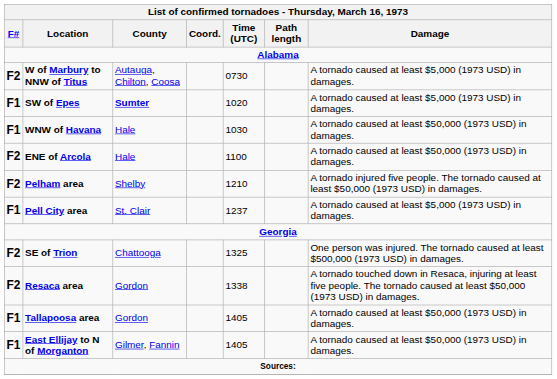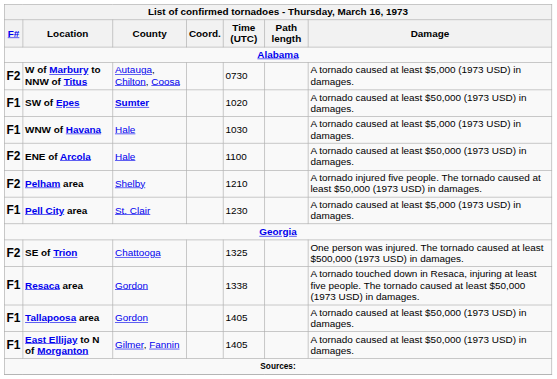 <table class="wikitable collapsible" width="100%">
 <tr>
 <th colspan="7">List of confirmed tornadoes - Thursday, March 16, 1973</th>
 </tr>
 <tr>
 <th><a href='#'>F#</a></th>
 <th>Location</th>
 <th>County</th>
 <th>Coord.</th>
 <th>Time (UTC)</th>
 <th>Path length</th>
 <th>Damage</th>
 </tr>
 <tr>
 <td colspan="7" align=center><strong><a href='#'>Alabama</a></strong></td>
 </tr>
 <tr>
 <td><big><strong>F2</strong></big></td>
 <td><strong>W of <a href='#'>Marbury</a> to NNW of <a href='#'>Titus</a></strong></td>
 <td><a href='#'>Autauga</a>, <a href='#'>Chilton</a>, <a href='#'>Coosa</a></td>
 <td></td>
 <td>0730</td>
 <td></td>
 <td>A tornado caused at least $5,000 (1973 USD) in damages.</td>
 </tr>
 <tr>
 <td><big><strong>F1</strong></big></td>
 <td><strong>SW of <a href='#'>Epes</a></strong></td>
 <td><strong><a href='#'>Sumter</a></strong></td>
 <td></td>
 <td>1020</td>
 <td></td>
-<td>A tornado caused at least $5,000 (1973 USD) in damages.</td>
+<td>A tornado caused at least $50,000 (1973 USD) in damages.</td>
 </tr>
 <tr>
 <td><big><strong>F1</strong></big></td>
 <td><strong>WNW of <a href='#'>Havana</a></strong></td>
 <td><a href='#'>Hale</a></td>
 <td></td>
 <td>1030</td>
 <td></td>
-<td>A tornado caused at least $50,000 (1973 USD) in damages.</td>
+<td>A tornado caused at least $5,000 (1973 USD) in damages.</td>
 </tr>
 <tr>
 <td><big><strong>F2</strong></big></td>
 <td><strong>ENE of <a href='#'>Arcola</a></strong></td>
 <td><a href='#'>Hale</a></td>
 <td></td>
 <td>1100</td>
 <td></td>
 <td>A tornado caused at least $50,000 (1973 USD) in damages.</td>
 </tr>
 <tr>
 <td><big><strong>F2</strong></big></td>
 <td><strong><a href='#'>Pelham</a> area</strong></td>
 <td><a href='#'>Shelby</a></td>
 <td></td>
 <td>1210</td>
 <td></td>
 <td>A tornado injured five people. The tornado caused at least $50,000 (1973 USD) in damages.</td>
 </tr>
 <tr>
 <td><big><strong>F1</strong></big></td>
 <td><strong><a href='#'>Pell City</a> area</strong></td>
 <td><a href='#'>St. Clair</a></td>
 <td></td>
-<td>1237</td>
+<td>1230</td>
 <td></td>
 <td>A tornado caused at least $5,000 (1973 USD) in damages.</td>
 </tr>
 <tr>
 <td colspan="7" align=center><strong><a href='#'>Georgia</a></strong></td>
 </tr>
 <tr>
 <td><big><strong>F2</strong></big></td>
 <td><strong>SE of <a href='#'>Trion</a></strong></td>
 <td><a href='#'>Chattooga</a></td>
 <td></td>
 <td>1325</td>
 <td></td>
 <td>One person was injured. The tornado caused at least $500,000 (1973 USD) in damages.</td>
 </tr>
 <tr>
-<td><big><strong>F2</strong></big></td>
+<td><big><strong>F1</strong></big></td>
 <td><strong><a href='#'>Resaca</a> area</strong></td>
 <td><a href='#'>Gordon</a></td>
 <td></td>
 <td>1338</td>
 <td></td>
 <td>A tornado touched down in Resaca, injuring at least five people. The tornado caused at least $50,000 (1973 USD) in damages.</td>
 </tr>
 <tr>
 <td><big><strong>F1</strong></big></td>
 <td><strong><a href='#'>Tallapoosa</a> area</strong></td>
 <td><a href='#'>Gordon</a></td>
 <td></td>
 <td>1405</td>
 <td></td>
 <td>A tornado caused at least $50,000 (1973 USD) in damages.</td>
 </tr>
 <tr>
 <td><big><strong>F1</strong></big></td>
 <td><strong><a href='#'>East Ellijay</a> to N of <a href='#'>Morganton</a></strong></td>
 <td><a href='#'>Gilmer</a>, <a href='#'>Fannin</a></td>
 <td></td>
 <td>1405</td>
 <td></td>
 <td>A tornado caused at least $50,000 (1973 USD) in damages.</td>
 </tr>
 <tr>
 <td colspan="7" align=center><small><strong>Sources:</strong> </small></td>
 </tr>
 <tr>
 </tr>
 </table>
